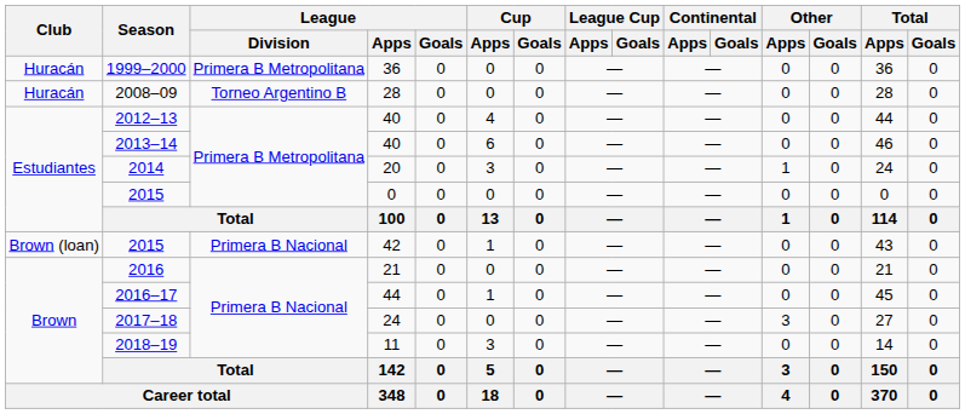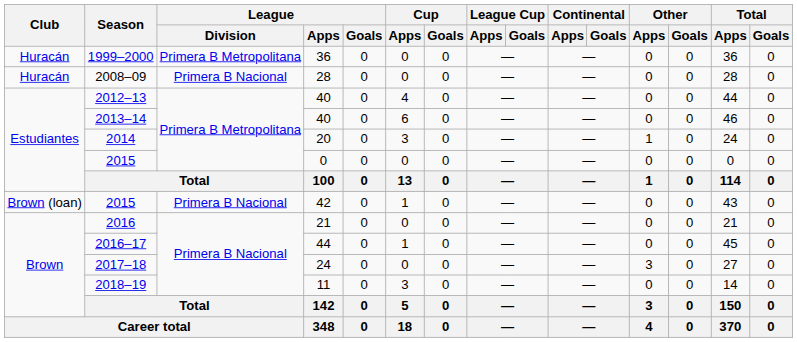 <table class="wikitable" style="text-align:center">
 <tr>
 <th rowspan="2">Club</th>
 <th rowspan="2">Season</th>
 <th colspan="3">League</th>
 <th colspan="2">Cup</th>
 <th colspan="2">League Cup</th>
 <th colspan="2">Continental</th>
 <th colspan="2">Other</th>
 <th colspan="2">Total</th>
 </tr>
 <tr>
 <th>Division</th>
 <th>Apps</th>
 <th>Goals</th>
 <th>Apps</th>
 <th>Goals</th>
 <th>Apps</th>
 <th>Goals</th>
 <th>Apps</th>
 <th>Goals</th>
 <th>Apps</th>
 <th>Goals</th>
 <th>Apps</th>
 <th>Goals</th>
 </tr>
 <tr>
 <td rowspan="1"><a href='#'>Huracán</a></td>
 <td><a href='#'>1999–2000</a></td>
 <td rowspan="1"><a href='#'>Primera B Metropolitana</a></td>
 <td>36</td>
 <td>0</td>
 <td>0</td>
 <td>0</td>
 <td colspan="2">—</td>
 <td colspan="2">—</td>
 <td>0</td>
 <td>0</td>
 <td>36</td>
 <td>0</td>
 </tr>
 <tr>
 <td rowspan="1"><a href='#'>Huracán</a></td>
 <td>2008–09</td>
-<td rowspan="1"><a href='#'>Torneo Argentino B</a></td>
+<td rowspan="1"><a href='#'>Primera B Nacional</a></td>
 <td>28</td>
 <td>0</td>
 <td>0</td>
 <td>0</td>
 <td colspan="2">—</td>
 <td colspan="2">—</td>
 <td>0</td>
 <td>0</td>
 <td>28</td>
 <td>0</td>
 </tr>
 <tr>
 <td rowspan="5"><a href='#'>Estudiantes</a></td>
 <td><a href='#'>2012–13</a></td>
 <td rowspan="4"><a href='#'>Primera B Metropolitana</a></td>
 <td>40</td>
 <td>0</td>
 <td>4</td>
 <td>0</td>
 <td colspan="2">—</td>
 <td colspan="2">—</td>
 <td>0</td>
 <td>0</td>
 <td>44</td>
 <td>0</td>
 </tr>
 <tr>
 <td><a href='#'>2013–14</a></td>
 <td>40</td>
 <td>0</td>
 <td>6</td>
 <td>0</td>
 <td colspan="2">—</td>
 <td colspan="2">—</td>
 <td>0</td>
 <td>0</td>
 <td>46</td>
 <td>0</td>
 </tr>
 <tr>
 <td><a href='#'>2014</a></td>
 <td>20</td>
 <td>0</td>
 <td>3</td>
 <td>0</td>
 <td colspan="2">—</td>
 <td colspan="2">—</td>
 <td>1</td>
 <td>0</td>
 <td>24</td>
 <td>0</td>
 </tr>
 <tr>
 <td><a href='#'>2015</a></td>
 <td>0</td>
 <td>0</td>
 <td>0</td>
 <td>0</td>
 <td colspan="2">—</td>
 <td colspan="2">—</td>
 <td>0</td>
 <td>0</td>
 <td>0</td>
 <td>0</td>
 </tr>
 <tr>
 <th colspan="2">Total</th>
 <th>100</th>
 <th>0</th>
 <th>13</th>
 <th>0</th>
 <th colspan="2">—</th>
 <th colspan="2">—</th>
 <th>1</th>
 <th>0</th>
 <th>114</th>
 <th>0</th>
 </tr>
 <tr>
 <td rowspan="1"><a href='#'>Brown</a> (loan)</td>
 <td><a href='#'>2015</a></td>
 <td rowspan="1"><a href='#'>Primera B Nacional</a></td>
 <td>42</td>
 <td>0</td>
 <td>1</td>
 <td>0</td>
 <td colspan="2">—</td>
 <td colspan="2">—</td>
 <td>0</td>
 <td>0</td>
 <td>43</td>
 <td>0</td>
 </tr>
 <tr>
 <td rowspan="5"><a href='#'>Brown</a></td>
 <td><a href='#'>2016</a></td>
 <td rowspan="4"><a href='#'>Primera B Nacional</a></td>
 <td>21</td>
 <td>0</td>
 <td>0</td>
 <td>0</td>
 <td colspan="2">—</td>
 <td colspan="2">—</td>
 <td>0</td>
 <td>0</td>
 <td>21</td>
 <td>0</td>
 </tr>
 <tr>
 <td><a href='#'>2016–17</a></td>
 <td>44</td>
 <td>0</td>
 <td>1</td>
 <td>0</td>
 <td colspan="2">—</td>
 <td colspan="2">—</td>
 <td>0</td>
 <td>0</td>
 <td>45</td>
 <td>0</td>
 </tr>
 <tr>
 <td><a href='#'>2017–18</a></td>
 <td>24</td>
 <td>0</td>
 <td>0</td>
 <td>0</td>
 <td colspan="2">—</td>
 <td colspan="2">—</td>
 <td>3</td>
 <td>0</td>
 <td>27</td>
 <td>0</td>
 </tr>
 <tr>
 <td><a href='#'>2018–19</a></td>
 <td>11</td>
 <td>0</td>
 <td>3</td>
 <td>0</td>
 <td colspan="2">—</td>
 <td colspan="2">—</td>
 <td>0</td>
 <td>0</td>
 <td>14</td>
 <td>0</td>
 </tr>
 <tr>
 <th colspan="2">Total</th>
 <th>142</th>
 <th>0</th>
 <th>5</th>
 <th>0</th>
 <th colspan="2">—</th>
 <th colspan="2">—</th>
 <th>3</th>
 <th>0</th>
 <th>150</th>
 <th>0</th>
 </tr>
 <tr>
 <th colspan="3">Career total</th>
 <th>348</th>
 <th>0</th>
 <th>18</th>
 <th>0</th>
 <th colspan="2">—</th>
 <th colspan="2">—</th>
 <th>4</th>
 <th>0</th>
 <th>370</th>
 <th>0</th>
 </tr>
 </table>
